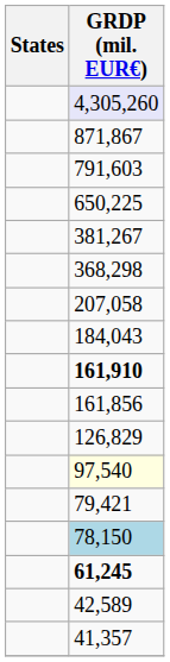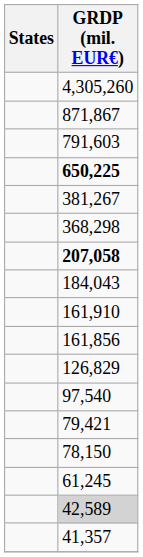 <table class="sortable wikitable sticky-header static-row-numbers col1left" >
 <tr>
 <th>States</th>
 <th>GRDP<br>(mil.<br><a href='#'>EUR€</a>)</th>
 </tr>
 <tr class="sorttop static-row-header">
 <td><strong></strong></td>
-<td style="background: lavender;">4,305,260</td>
+<td>4,305,260</td>
 </tr>
 <tr>
 <td></td>
 <td>871,867</td>
 </tr>
 <tr>
 <td></td>
 <td>791,603</td>
 </tr>
 <tr>
 <td></td>
-<td>650,225</td>
+<td><strong>650,225</strong></td>
 </tr>
 <tr>
 <td></td>
 <td>381,267</td>
 </tr>
 <tr>
 <td></td>
 <td>368,298</td>
 </tr>
 <tr>
 <td></td>
-<td>207,058</td>
+<td><strong>207,058</strong></td>
 </tr>
 <tr>
 <td></td>
 <td>184,043</td>
 </tr>
 <tr>
 <td></td>
-<td><strong>161,910</strong></td>
+<td>161,910</td>
 </tr>
 <tr>
 <td></td>
 <td>161,856</td>
 </tr>
 <tr>
 <td></td>
 <td>126,829</td>
 </tr>
 <tr>
 <td></td>
-<td style="background: lightyellow;">97,540</td>
+<td>97,540</td>
 </tr>
 <tr>
 <td></td>
 <td>79,421</td>
 </tr>
 <tr>
 <td></td>
-<td style="background: lightblue;">78,150</td>
+<td>78,150</td>
 </tr>
 <tr>
 <td></td>
-<td><strong>61,245</strong></td>
+<td>61,245</td>
 </tr>
 <tr>
 <td></td>
-<td>42,589</td>
+<td style="background: lightgrey;">42,589</td>
 </tr>
 <tr>
 <td></td>
 <td>41,357</td>
 </tr>
 <tr>
 </tr>
 </table>
